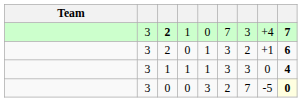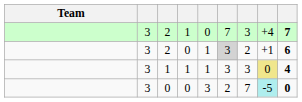 <table class="wikitable" style="text-align: center;">
 <tr>
 <th width="175">Team</th>
 <th width="20"></th>
 <th width="20"></th>
 <th width="20"></th>
 <th width="20"></th>
 <th width="20"></th>
 <th width="20"></th>
 <th width="20"></th>
 <th width="20"></th>
 </tr>
 <tr bgcolor=#CCFFCC>
 <td align=left></td>
 <td>3</td>
-<td><strong>2</strong></td>
+<td>2</td>
 <td>1</td>
 <td>0</td>
 <td>7</td>
 <td>3</td>
 <td>+4</td>
 <td><strong>7</strong></td>
 </tr>
 <tr>
 <td align=left></td>
 <td>3</td>
 <td>2</td>
 <td>0</td>
 <td>1</td>
-<td>3</td>
+<td style="background: lightgrey;">3</td>
 <td>2</td>
 <td>+1</td>
 <td><strong>6</strong></td>
 </tr>
 <tr>
 <td align=left></td>
 <td>3</td>
 <td>1</td>
 <td>1</td>
 <td>1</td>
 <td>3</td>
 <td>3</td>
-<td>0</td>
+<td style="background: khaki;">0</td>
 <td><strong>4</strong></td>
 </tr>
 <tr>
 <td align=left></td>
 <td>3</td>
 <td>0</td>
 <td>0</td>
 <td>3</td>
 <td>2</td>
 <td>7</td>
-<td>-5</td>
-<td style="background: lightyellow;"><strong>0</strong></td>
+<td style="background: paleturquoise;">-5</td>
+<td><strong>0</strong></td>
 </tr>
 </table>
